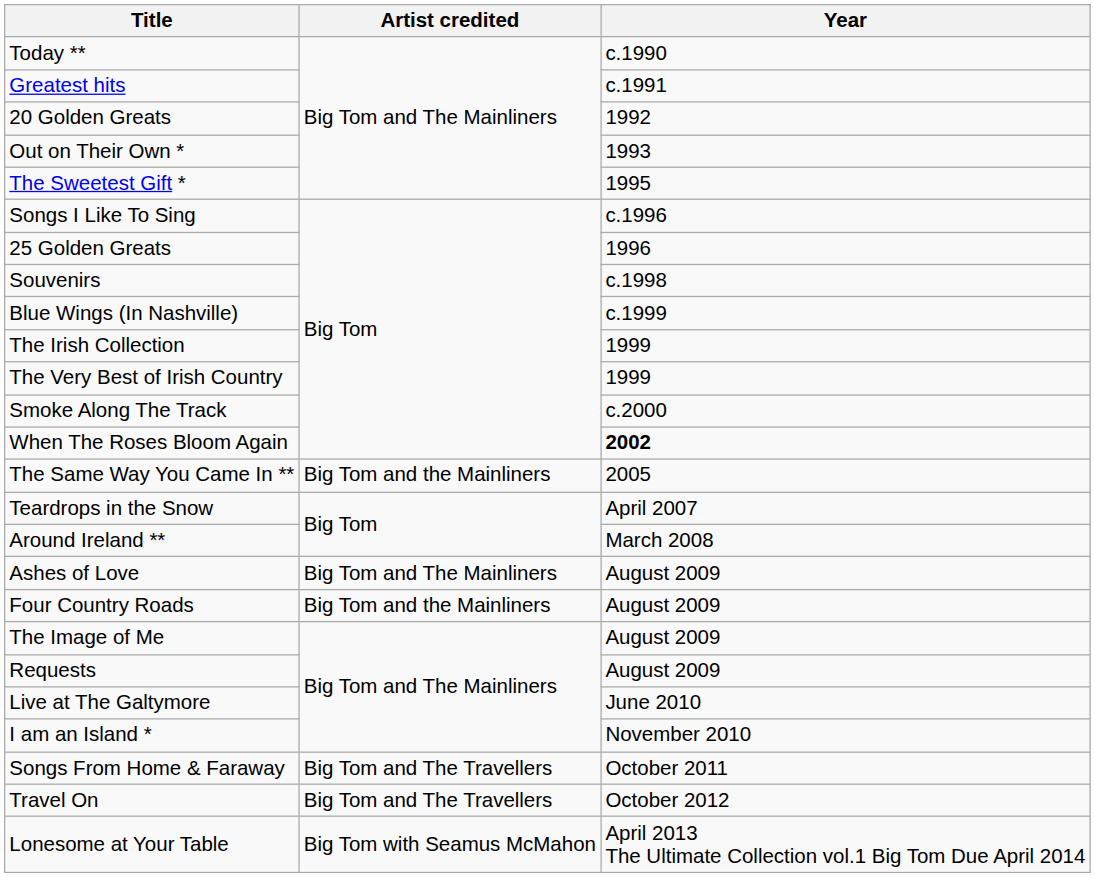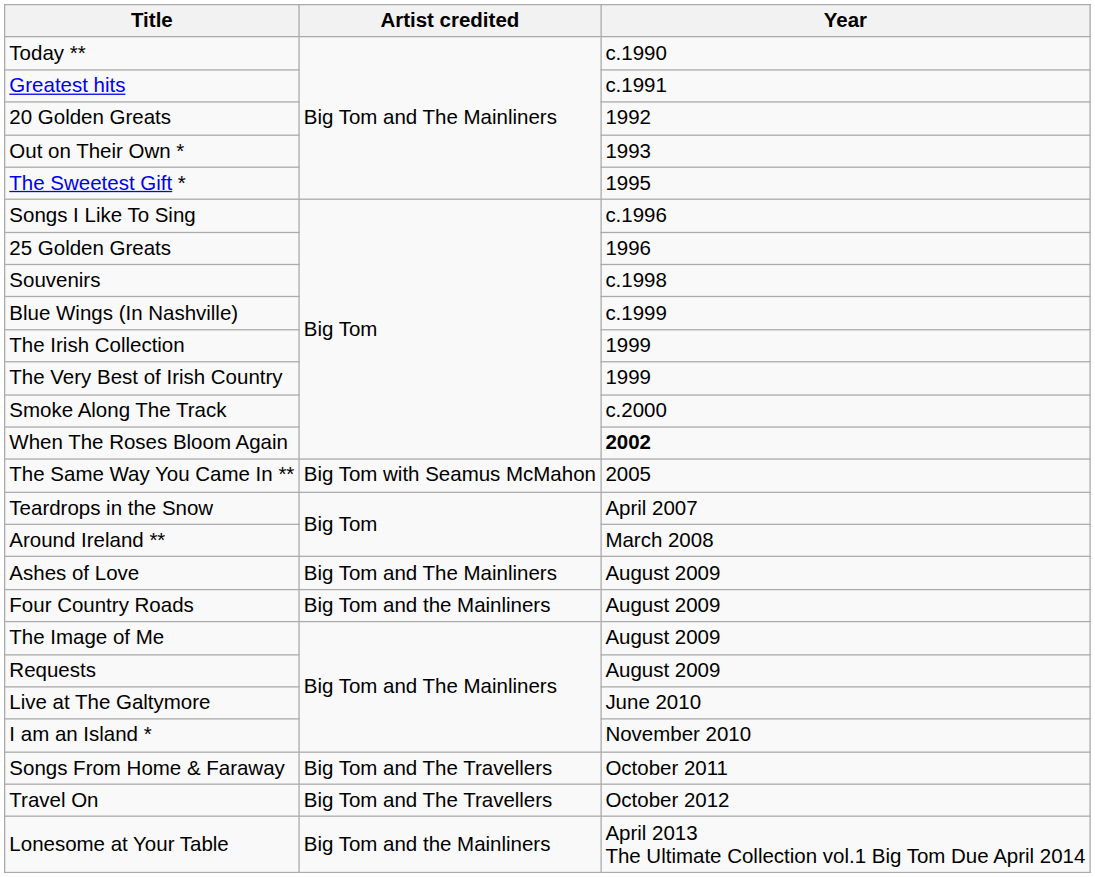 <table class="wikitable">
 <tr>
 <th>Title</th>
 <th>Artist credited</th>
 <th>Year</th>
 </tr>
 <tr>
 <td>Today **</td>
 <td rowspan="5">Big Tom and The Mainliners</td>
 <td>c.1990</td>
 </tr>
 <tr>
 <td><a href='#'>Greatest hits</a></td>
 <td>c.1991</td>
 </tr>
 <tr>
 <td>20 Golden Greats</td>
 <td>1992</td>
 </tr>
 <tr>
 <td>Out on Their Own *</td>
 <td>1993</td>
 </tr>
 <tr>
 <td><a href='#'>The Sweetest Gift</a> *</td>
 <td>1995</td>
 </tr>
 <tr>
 <td>Songs I Like To Sing</td>
 <td rowspan="8">Big Tom</td>
 <td>c.1996</td>
 </tr>
 <tr>
 <td>25 Golden Greats</td>
 <td>1996</td>
 </tr>
 <tr>
 <td>Souvenirs</td>
 <td>c.1998</td>
 </tr>
 <tr>
 <td>Blue Wings (In Nashville)</td>
 <td>c.1999</td>
 </tr>
 <tr>
 <td>The Irish Collection</td>
 <td>1999</td>
 </tr>
 <tr>
 <td>The Very Best of Irish Country</td>
 <td>1999</td>
 </tr>
 <tr>
 <td>Smoke Along The Track</td>
 <td>c.2000</td>
 </tr>
 <tr>
 <td>When The Roses Bloom Again</td>
 <td><strong>2002</strong></td>
 </tr>
 <tr>
 <td>The Same Way You Came In **</td>
-<td>Big Tom and the Mainliners</td>
+<td>Big Tom with Seamus McMahon</td>
 <td>2005</td>
 </tr>
 <tr>
 <td>Teardrops in the Snow</td>
 <td rowspan="2">Big Tom</td>
 <td>April 2007</td>
 </tr>
 <tr>
 <td>Around Ireland **</td>
 <td>March 2008</td>
 </tr>
 <tr>
 <td>Ashes of Love</td>
 <td>Big Tom and The Mainliners</td>
 <td>August 2009</td>
 </tr>
 <tr>
 <td>Four Country Roads</td>
 <td>Big Tom and the Mainliners</td>
 <td>August 2009</td>
 </tr>
 <tr>
 <td>The Image of Me</td>
 <td rowspan="4">Big Tom and The Mainliners</td>
 <td>August 2009</td>
 </tr>
 <tr>
 <td>Requests</td>
 <td>August 2009</td>
 </tr>
 <tr>
 <td>Live at The Galtymore</td>
 <td>June 2010</td>
 </tr>
 <tr>
 <td>I am an Island *</td>
 <td>November 2010</td>
 </tr>
 <tr>
 <td>Songs From Home & Faraway</td>
 <td>Big Tom and The Travellers</td>
 <td>October 2011</td>
 </tr>
 <tr>
 <td>Travel On</td>
 <td>Big Tom and The Travellers</td>
 <td>October 2012</td>
 </tr>
 <tr>
 <td>Lonesome at Your Table</td>
-<td>Big Tom with Seamus McMahon</td>
+<td>Big Tom and the Mainliners</td>
 <td>April 2013<br>The Ultimate Collection vol.1 Big Tom Due April 2014</td>
 </tr>
 </table>
